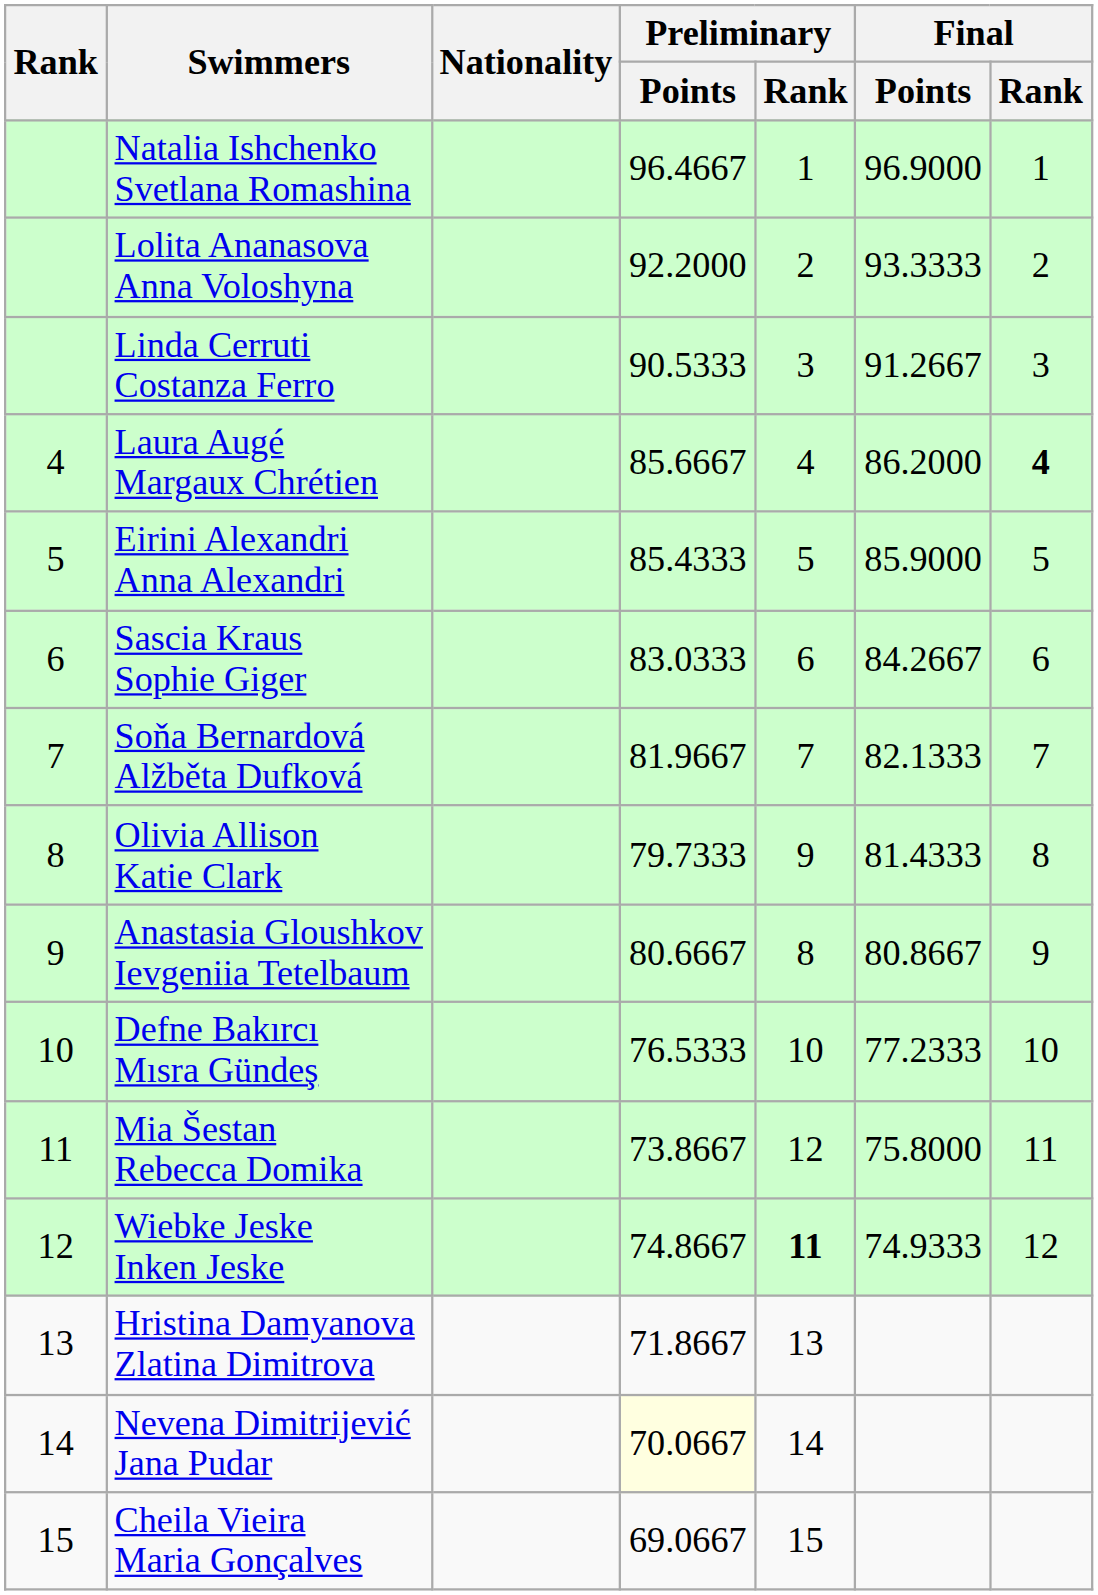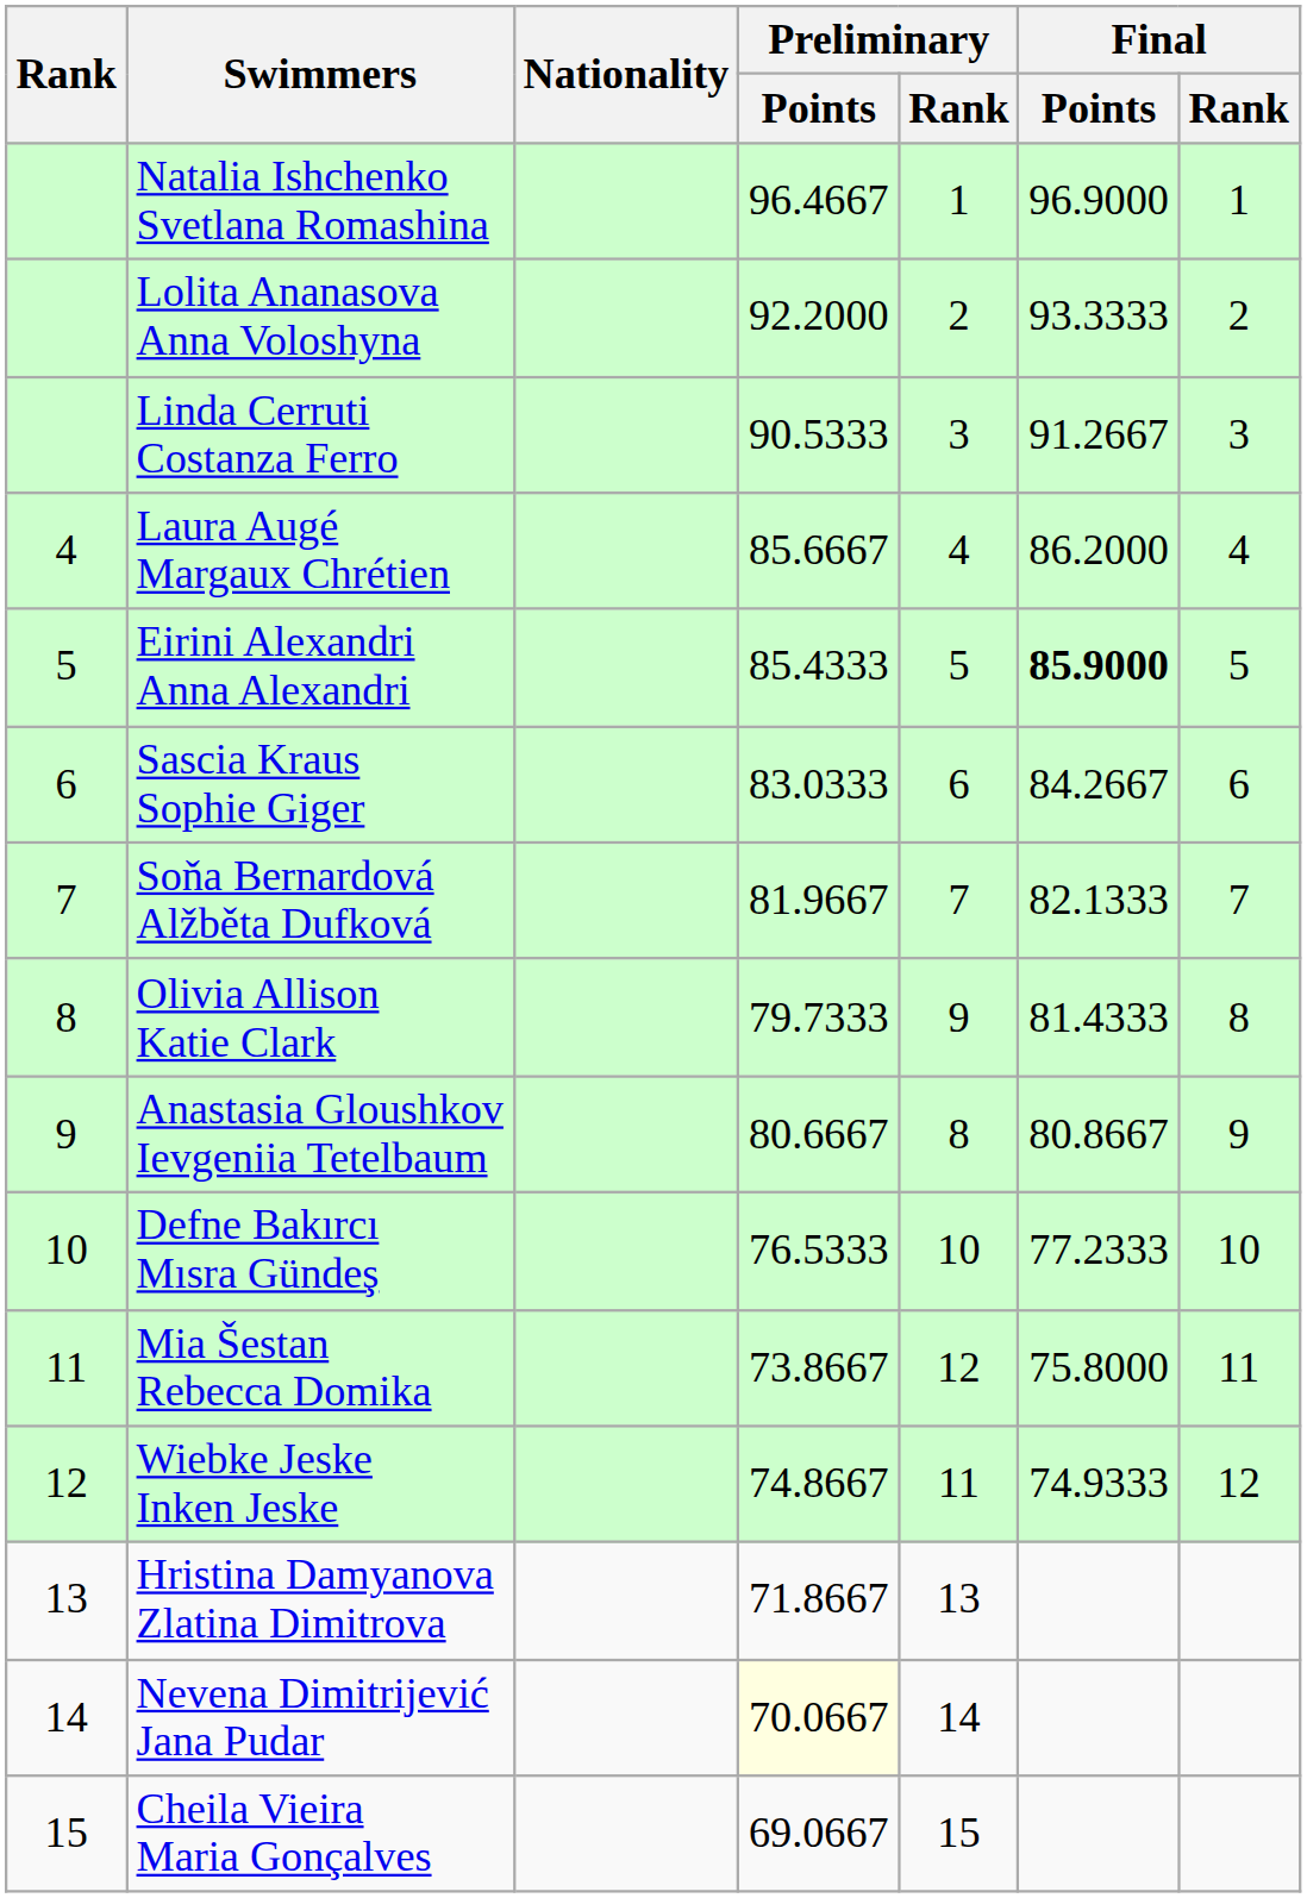 <table class="wikitable sortable" style="text-align:center">
 <tr>
 <th rowspan=2>Rank</th>
 <th rowspan=2>Swimmers</th>
 <th rowspan=2>Nationality</th>
 <th colspan=2>Preliminary</th>
 <th colspan=2>Final</th>
 </tr>
 <tr>
 <th>Points</th>
 <th>Rank</th>
 <th>Points</th>
 <th>Rank</th>
 </tr>
 <tr bgcolor=ccffcc>
 <td></td>
 <td align=left><a href='#'>Natalia Ishchenko</a><br><a href='#'>Svetlana Romashina</a></td>
 <td align=left></td>
 <td>96.4667</td>
 <td>1</td>
 <td>96.9000</td>
 <td>1</td>
 </tr>
 <tr bgcolor=ccffcc>
 <td></td>
 <td align=left><a href='#'>Lolita Ananasova</a><br><a href='#'>Anna Voloshyna</a></td>
 <td align=left></td>
 <td>92.2000</td>
 <td>2</td>
 <td>93.3333</td>
 <td>2</td>
 </tr>
 <tr bgcolor=ccffcc>
 <td></td>
 <td align=left><a href='#'>Linda Cerruti</a><br><a href='#'>Costanza Ferro</a></td>
 <td align=left></td>
 <td>90.5333</td>
 <td>3</td>
 <td>91.2667</td>
 <td>3</td>
 </tr>
 <tr bgcolor=ccffcc>
 <td>4</td>
 <td align=left><a href='#'>Laura Augé</a><br><a href='#'>Margaux Chrétien</a></td>
 <td align=left></td>
 <td>85.6667</td>
 <td>4</td>
 <td>86.2000</td>
-<td><strong>4</strong></td>
+<td>4</td>
 </tr>
 <tr bgcolor=ccffcc>
 <td>5</td>
 <td align=left><a href='#'>Eirini Alexandri</a><br><a href='#'>Anna Alexandri</a></td>
 <td align=left></td>
 <td>85.4333</td>
 <td>5</td>
-<td>85.9000</td>
+<td><strong>85.9000</strong></td>
 <td>5</td>
 </tr>
 <tr bgcolor=ccffcc>
 <td>6</td>
 <td align=left><a href='#'>Sascia Kraus</a><br><a href='#'>Sophie Giger</a></td>
 <td align=left></td>
 <td>83.0333</td>
 <td>6</td>
 <td>84.2667</td>
 <td>6</td>
 </tr>
 <tr bgcolor=ccffcc>
 <td>7</td>
 <td align=left><a href='#'>Soňa Bernardová</a><br><a href='#'>Alžběta Dufková</a></td>
 <td align=left></td>
 <td>81.9667</td>
 <td>7</td>
 <td>82.1333</td>
 <td>7</td>
 </tr>
 <tr bgcolor=ccffcc>
 <td>8</td>
 <td align=left><a href='#'>Olivia Allison</a><br><a href='#'>Katie Clark</a></td>
 <td align=left></td>
 <td>79.7333</td>
 <td>9</td>
 <td>81.4333</td>
 <td>8</td>
 </tr>
 <tr bgcolor=ccffcc>
 <td>9</td>
 <td align=left><a href='#'>Anastasia Gloushkov</a><br><a href='#'>Ievgeniia Tetelbaum</a></td>
 <td align=left></td>
 <td>80.6667</td>
 <td>8</td>
 <td>80.8667</td>
 <td>9</td>
 </tr>
 <tr bgcolor=ccffcc>
 <td>10</td>
 <td align=left><a href='#'>Defne Bakırcı</a><br><a href='#'>Mısra Gündeş</a></td>
 <td align=left></td>
 <td>76.5333</td>
 <td>10</td>
 <td>77.2333</td>
 <td>10</td>
 </tr>
 <tr bgcolor=ccffcc>
 <td>11</td>
 <td align=left><a href='#'>Mia Šestan</a><br><a href='#'>Rebecca Domika</a></td>
 <td align=left></td>
 <td>73.8667</td>
 <td>12</td>
 <td>75.8000</td>
 <td>11</td>
 </tr>
 <tr bgcolor=ccffcc>
 <td>12</td>
 <td align=left><a href='#'>Wiebke Jeske</a><br><a href='#'>Inken Jeske</a></td>
 <td align=left></td>
 <td>74.8667</td>
-<td><strong>11</strong></td>
+<td>11</td>
 <td>74.9333</td>
 <td>12</td>
 </tr>
 <tr>
 <td>13</td>
 <td align=left><a href='#'>Hristina Damyanova</a><br><a href='#'>Zlatina Dimitrova</a></td>
 <td align=left></td>
 <td>71.8667</td>
 <td>13</td>
 <td></td>
 <td></td>
 </tr>
 <tr>
 <td>14</td>
 <td align=left><a href='#'>Nevena Dimitrijević</a><br><a href='#'>Jana Pudar</a></td>
 <td align=left></td>
 <td style="background: lightyellow;">70.0667</td>
 <td>14</td>
 <td></td>
 <td></td>
 </tr>
 <tr>
 <td>15</td>
 <td align=left><a href='#'>Cheila Vieira</a><br><a href='#'>Maria Gonçalves</a></td>
 <td align=left></td>
 <td>69.0667</td>
 <td>15</td>
 <td></td>
 <td></td>
 </tr>
 </table>
